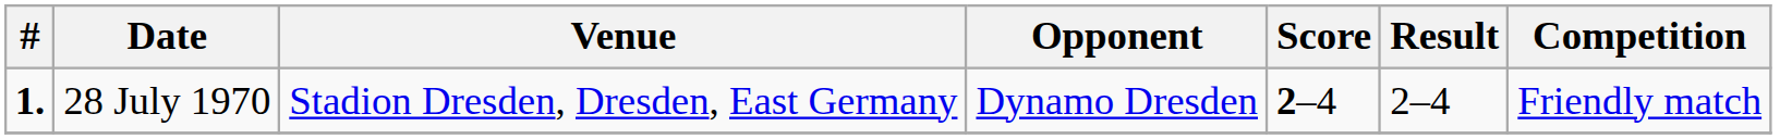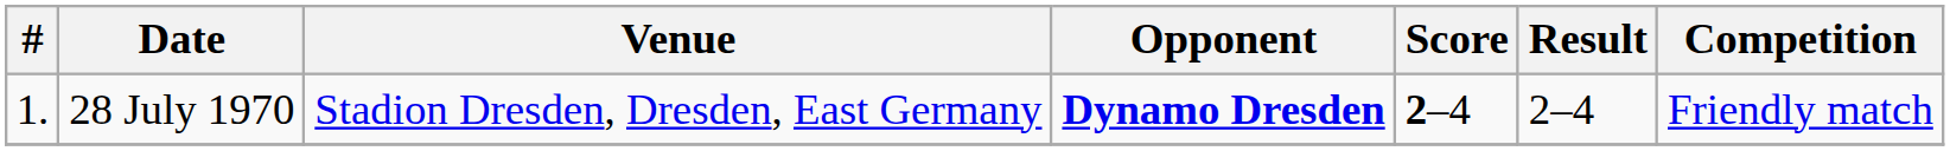 <table class="wikitable">
 <tr>
 <th>#</th>
 <th>Date</th>
 <th>Venue</th>
 <th>Opponent</th>
 <th>Score</th>
 <th>Result</th>
 <th>Competition</th>
 </tr>
 <tr>
-<td><strong>1.</strong></td>
+<td>1.</td>
 <td>28 July 1970</td>
 <td><a href='#'>Stadion Dresden</a>, <a href='#'>Dresden</a>, <a href='#'>East Germany</a></td>
-<td> <a href='#'>Dynamo Dresden</a></td>
+<td><strong> <a href='#'>Dynamo Dresden</a></strong></td>
 <td><strong>2</strong>–4</td>
 <td>2–4</td>
 <td><a href='#'>Friendly match</a></td>
 </tr>
 <tr>
 </tr>
 </table>
